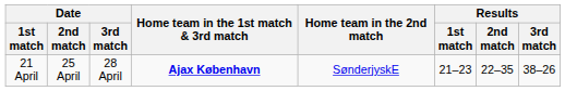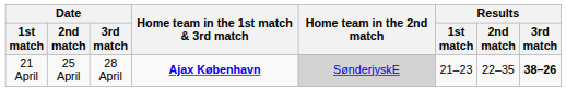 <table class="wikitable" style="text-align:center; margin-left:1em;">
 <tr>
 <th colspan="3">Date</th>
 <th rowspan="2" style="width:220px;">Home team in the 1st match & 3rd match</th>
 <th rowspan="2" style="width:180px;">Home team in the 2nd match</th>
 <th colspan="3">Results</th>
 </tr>
 <tr>
 <th style="width:50px;">1st match</th>
 <th style="width:50px;">2nd match</th>
 <th style="width:50px;">3rd match</th>
 <th style="width:50px;">1st match</th>
 <th style="width:50px;">2nd match</th>
 <th style="width:50px;">3rd match</th>
 </tr>
 <tr>
 <td>21 April</td>
 <td>25 April</td>
 <td>28 April</td>
 <td><strong><a href='#'>Ajax København</a></strong></td>
-<td><a href='#'>SønderjyskE</a></td>
+<td style="background: lightgrey;"><a href='#'>SønderjyskE</a></td>
 <td>21–23</td>
 <td>22–35</td>
-<td>38–26</td>
+<td><strong>38–26</strong></td>
 </tr>
 </table>
